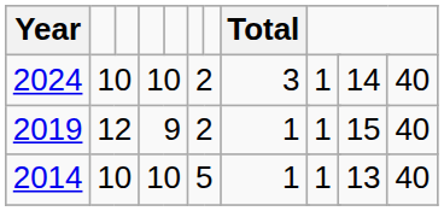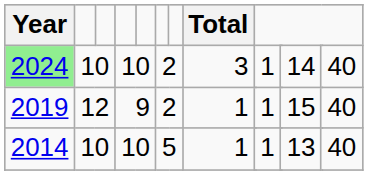 <table class="wikitable" style="text-align:right; padding-left:1em">
 <tr>
 <th align="left">Year</th>
 <td></td>
 <td></td>
 <td></td>
 <td></td>
 <td></td>
 <td></td>
 <th align="left">Total</th>
 </tr>
 <tr>
-<td align=left><a href='#'>2024</a></td>
+<td align=left style="background: lightgreen;"><a href='#'>2024</a></td>
 <td colspan=2>10</td>
 <td colspan=2>10</td>
 <td colspan=2>2</td>
 <td colspan=2>3</td>
 <td colspan=2>1</td>
 <td colspan=2>14</td>
 <td>40</td>
 </tr>
 <tr>
 <td align=left><a href='#'>2019</a></td>
 <td colspan=2>12</td>
 <td colspan=2>9</td>
 <td colspan=2>2</td>
 <td colspan=2>1</td>
 <td colspan=2>1</td>
 <td colspan=2>15</td>
 <td>40</td>
 </tr>
 <tr>
 <td align=left><a href='#'>2014</a></td>
 <td colspan=2>10</td>
 <td colspan=2>10</td>
 <td colspan=2>5</td>
 <td colspan=2>1</td>
 <td colspan=2>1</td>
 <td colspan=2>13</td>
 <td>40</td>
 </tr>
 </table>
